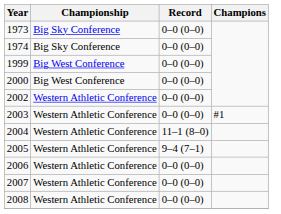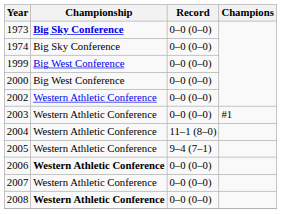 <table class="wikitable">
 <tr>
 <th>Year</th>
 <th>Championship</th>
 <th>Record</th>
 <th>Champions</th>
 </tr>
 <tr>
 <td>1973</td>
-<td><a href='#'>Big Sky Conference</a></td>
+<td><strong><a href='#'>Big Sky Conference</a></strong></td>
 <td>0–0 (0–0)</td>
 </tr>
 <tr>
 <td>1974</td>
 <td>Big Sky Conference</td>
 <td>0–0 (0–0)</td>
 </tr>
 <tr>
 <td>1999</td>
 <td><a href='#'>Big West Conference</a></td>
 <td>0–0 (0–0)</td>
 </tr>
 <tr>
 <td>2000</td>
 <td>Big West Conference</td>
 <td>0–0 (0–0)</td>
 </tr>
 <tr>
 <td>2002</td>
 <td><a href='#'>Western Athletic Conference</a></td>
 <td>0–0 (0–0)</td>
 </tr>
 <tr>
 <td>2003</td>
 <td>Western Athletic Conference</td>
 <td>0–0 (0–0)</td>
 <td>#1</td>
 </tr>
 <tr>
 <td>2004</td>
 <td>Western Athletic Conference</td>
 <td>11–1 (8–0)</td>
 </tr>
 <tr>
 <td>2005</td>
 <td>Western Athletic Conference</td>
 <td>9–4 (7–1)</td>
 <td></td>
 </tr>
 <tr>
 <td>2006</td>
-<td>Western Athletic Conference</td>
+<td><strong>Western Athletic Conference</strong></td>
 <td>0–0 (0–0)</td>
 <td></td>
 </tr>
 <tr>
 <td>2007</td>
 <td>Western Athletic Conference</td>
 <td>0–0 (0–0)</td>
 <td></td>
 </tr>
 <tr>
 <td>2008</td>
-<td>Western Athletic Conference</td>
+<td><strong>Western Athletic Conference</strong></td>
 <td>0–0 (0–0)</td>
 <td></td>
 </tr>
 <tr>
 </tr>
 </table>
